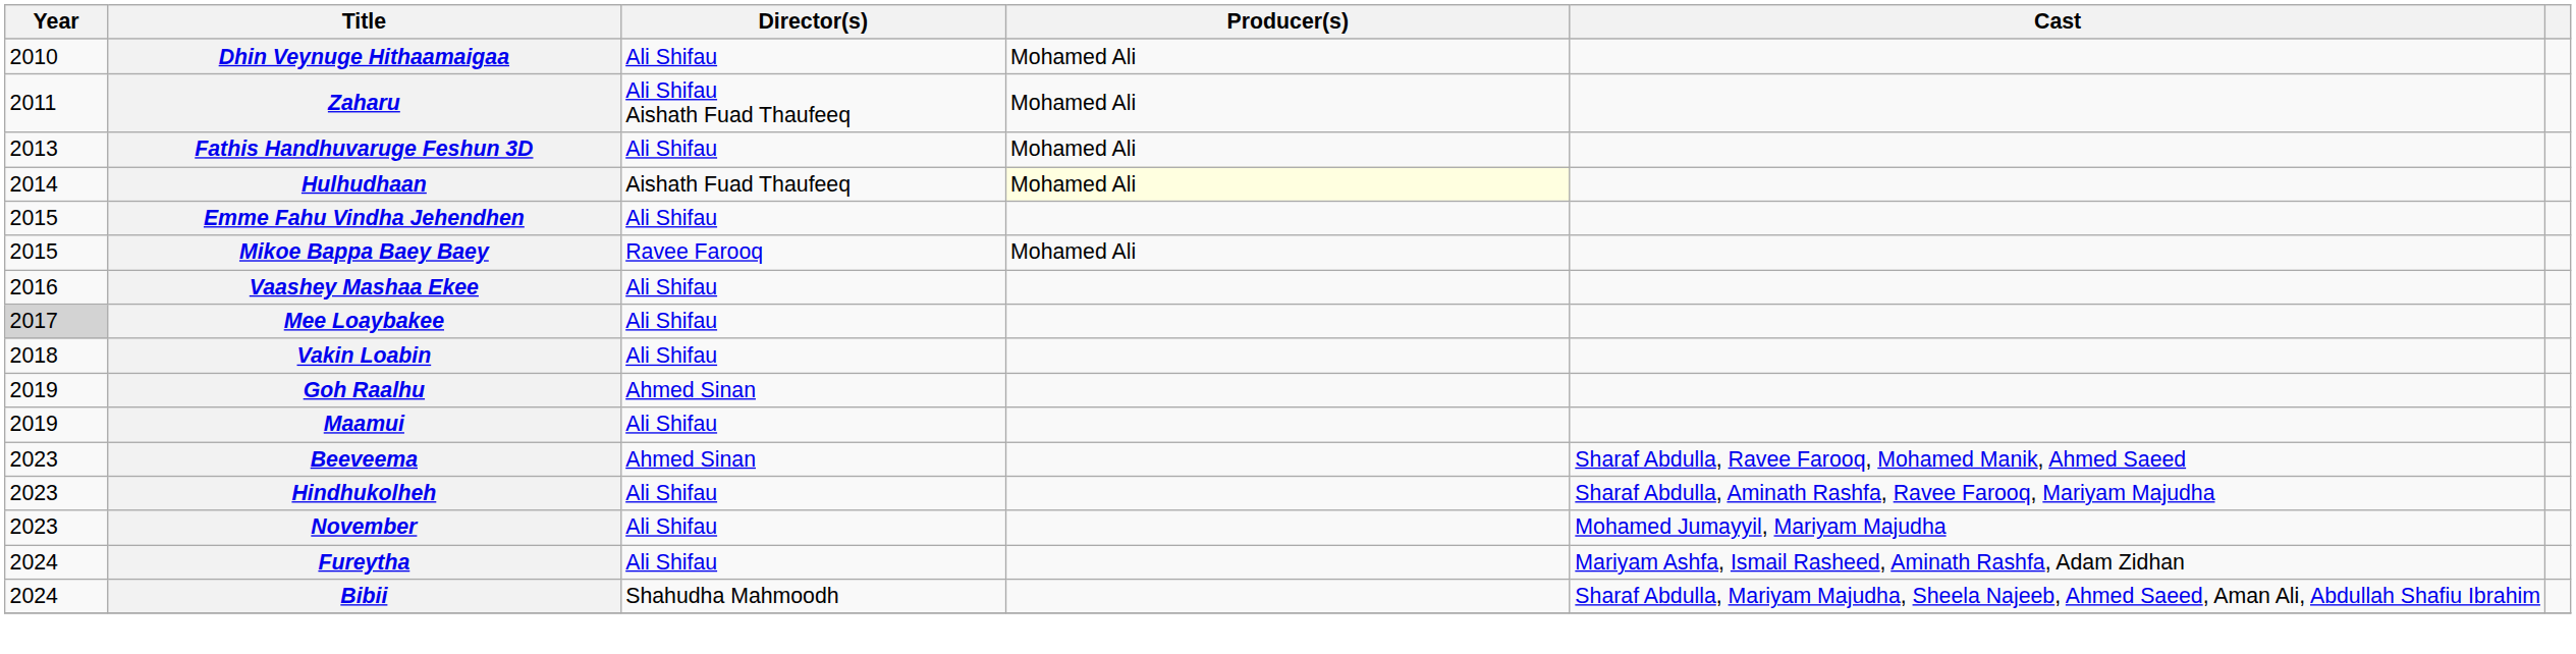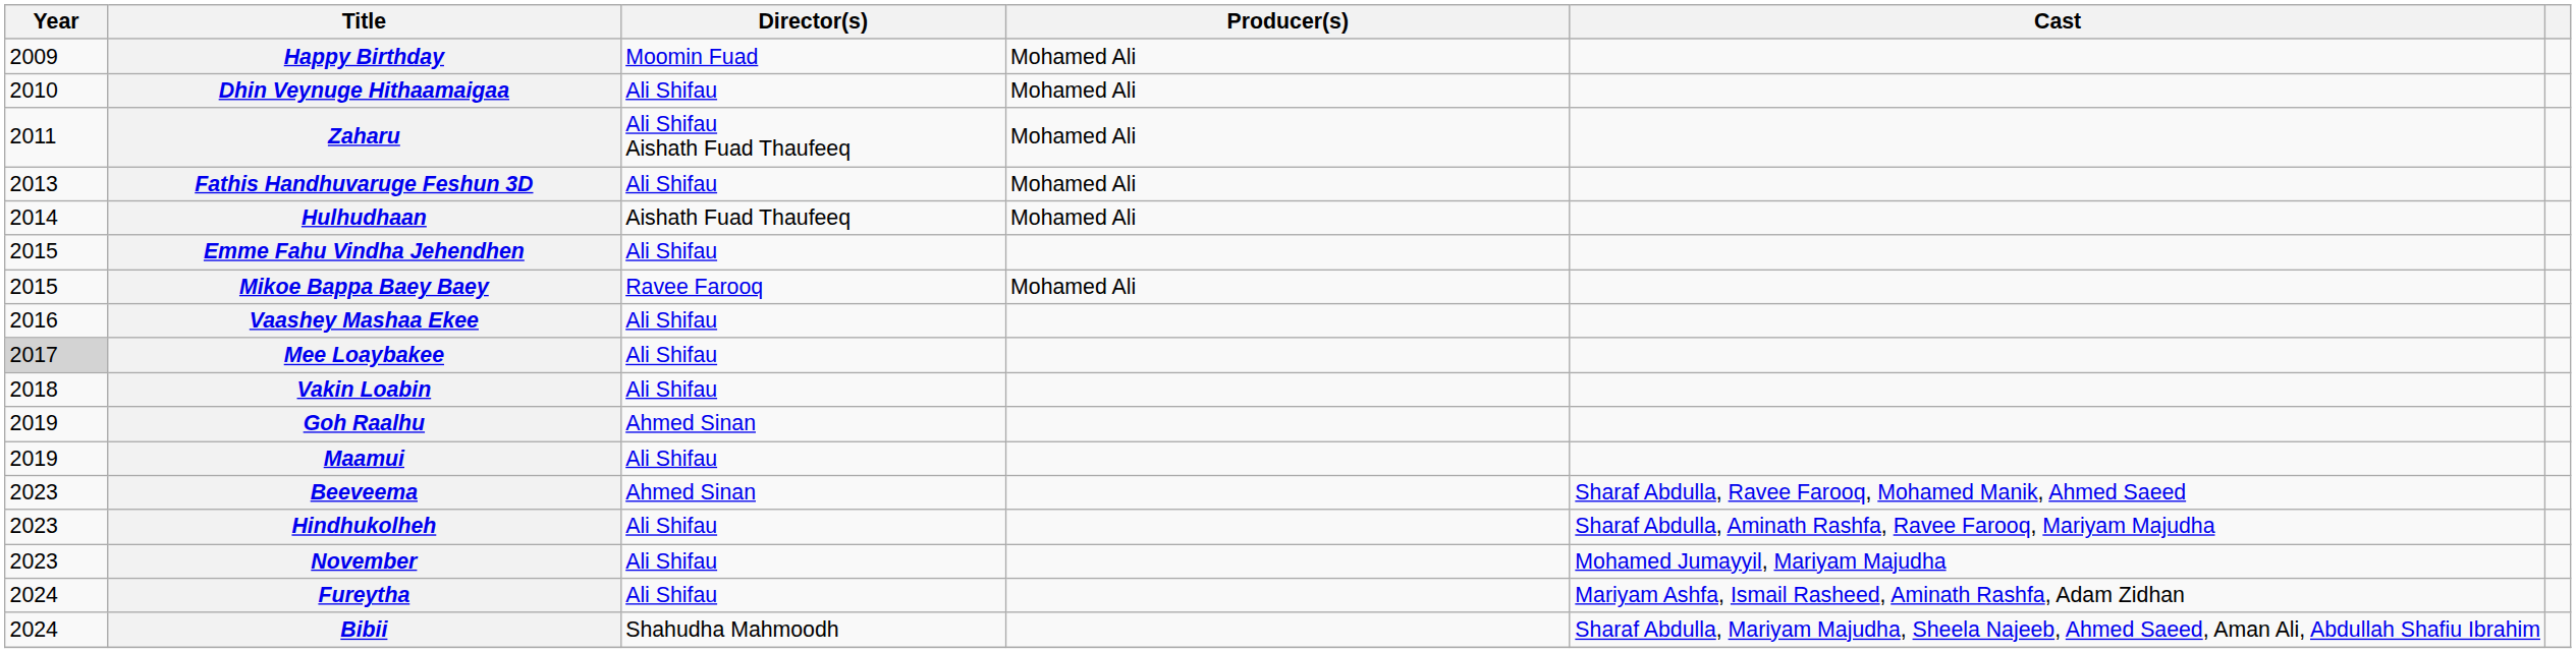 <table class="wikitable sortable plainrowheaders">
 <tr style="background:#ccc; text-align:center;">
 <th scope="col" width="4%">Year</th>
 <th scope="col" width="20%">Title</th>
 <th scope="col" width="15%">Director(s)</th>
 <th scope="col" width="22%">Producer(s)</th>
 <th scope="col" width="38%">Cast</th>
 <th scope="col" class="unsortable"></th>
+</tr>
+<tr>
+<td>2009</td>
+<th scope="row"><em><a href='#'>Happy Birthday</a></em></th>
+<td><a href='#'>Moomin Fuad</a></td>
+<td>Mohamed Ali</td>
+<td></td>
+<td style="text-align: center;"></td>
 </tr>
 <tr>
 <td>2010</td>
 <th scope="row"><em><a href='#'>Dhin Veynuge Hithaamaigaa</a></em></th>
 <td><a href='#'>Ali Shifau</a></td>
 <td>Mohamed Ali</td>
 <td></td>
 <td style="text-align: center;"></td>
 </tr>
 <tr>
 <td>2011</td>
 <th scope="row"><em><a href='#'>Zaharu</a></em></th>
 <td><a href='#'>Ali Shifau</a><br>Aishath Fuad Thaufeeq</td>
 <td>Mohamed Ali</td>
 <td></td>
 <td style="text-align: center;"></td>
 </tr>
 <tr>
 <td>2013</td>
 <th scope="row"><em><a href='#'>Fathis Handhuvaruge Feshun 3D</a></em></th>
 <td><a href='#'>Ali Shifau</a></td>
 <td>Mohamed Ali</td>
 <td></td>
 <td style="text-align: center;"></td>
 </tr>
 <tr>
 <td>2014</td>
 <th scope="row"><em><a href='#'>Hulhudhaan</a></em></th>
 <td>Aishath Fuad Thaufeeq</td>
-<td style="background: lightyellow;">Mohamed Ali</td>
+<td>Mohamed Ali</td>
 <td></td>
 <td style="text-align: center;"></td>
 </tr>
 <tr>
 <td>2015</td>
 <th scope="row"><em><a href='#'>Emme Fahu Vindha Jehendhen</a></em></th>
 <td><a href='#'>Ali Shifau</a></td>
 <td></td>
 <td></td>
 <td style="text-align: center;"></td>
 </tr>
 <tr>
 <td>2015</td>
 <th scope="row"><em><a href='#'>Mikoe Bappa Baey Baey</a></em></th>
 <td><a href='#'>Ravee Farooq</a></td>
 <td>Mohamed Ali</td>
 <td></td>
 <td style="text-align: center;"></td>
 </tr>
 <tr>
 <td>2016</td>
 <th scope="row"><em><a href='#'>Vaashey Mashaa Ekee</a></em></th>
 <td><a href='#'>Ali Shifau</a></td>
 <td></td>
 <td></td>
 <td style="text-align: center;"></td>
 </tr>
 <tr>
 <td style="background: lightgrey;">2017</td>
 <th scope="row"><em><a href='#'>Mee Loaybakee</a></em></th>
 <td><a href='#'>Ali Shifau</a></td>
 <td></td>
 <td></td>
 <td style="text-align: center;"></td>
 </tr>
 <tr>
 <td>2018</td>
 <th scope="row"><em><a href='#'>Vakin Loabin</a></em></th>
 <td><a href='#'>Ali Shifau</a></td>
 <td></td>
 <td></td>
 <td style="text-align: center;"></td>
 </tr>
 <tr>
 <td>2019</td>
 <th scope="row"><em><a href='#'>Goh Raalhu</a></em></th>
 <td><a href='#'>Ahmed Sinan</a></td>
 <td></td>
 <td></td>
 <td style="text-align: center;"></td>
 </tr>
 <tr>
 <td>2019</td>
 <th scope="row"><em><a href='#'>Maamui</a></em></th>
 <td><a href='#'>Ali Shifau</a></td>
 <td></td>
 <td></td>
 <td style="text-align: center;"></td>
 </tr>
 <tr>
 <td>2023</td>
 <th scope="row"><em><a href='#'>Beeveema</a></em></th>
 <td><a href='#'>Ahmed Sinan</a></td>
 <td></td>
 <td><a href='#'>Sharaf Abdulla</a>, <a href='#'>Ravee Farooq</a>, <a href='#'>Mohamed Manik</a>, <a href='#'>Ahmed Saeed</a></td>
 <td style="text-align:center;"></td>
 </tr>
 <tr>
 <td>2023</td>
 <th scope="row"><em><a href='#'>Hindhukolheh</a></em></th>
 <td><a href='#'>Ali Shifau</a></td>
 <td></td>
 <td><a href='#'>Sharaf Abdulla</a>, <a href='#'>Aminath Rashfa</a>, <a href='#'>Ravee Farooq</a>, <a href='#'>Mariyam Majudha</a></td>
 <td style="text-align: center;"></td>
 </tr>
 <tr>
 <td>2023</td>
 <th scope="row"><em><a href='#'>November</a></em></th>
 <td><a href='#'>Ali Shifau</a></td>
 <td></td>
 <td><a href='#'>Mohamed Jumayyil</a>, <a href='#'>Mariyam Majudha</a></td>
 <td style="text-align:center;"></td>
 </tr>
 <tr>
 <td>2024</td>
 <th scope="row"><em><a href='#'>Fureytha</a></em></th>
 <td><a href='#'>Ali Shifau</a></td>
 <td></td>
 <td><a href='#'>Mariyam Ashfa</a>, <a href='#'>Ismail Rasheed</a>, <a href='#'>Aminath Rashfa</a>, Adam Zidhan</td>
 <td style="text-align:center;"></td>
 </tr>
 <tr>
 <td>2024</td>
 <th scope="row"><em><a href='#'>Bibii</a></em></th>
 <td>Shahudha Mahmoodh</td>
 <td></td>
 <td><a href='#'>Sharaf Abdulla</a>, <a href='#'>Mariyam Majudha</a>, <a href='#'>Sheela Najeeb</a>, <a href='#'>Ahmed Saeed</a>, Aman Ali, <a href='#'>Abdullah Shafiu Ibrahim</a></td>
 <td style="text-align:center;"></td>
 </tr>
 <tr>
 </tr>
 </table>
